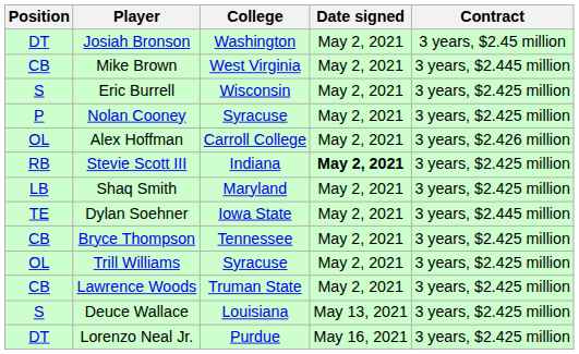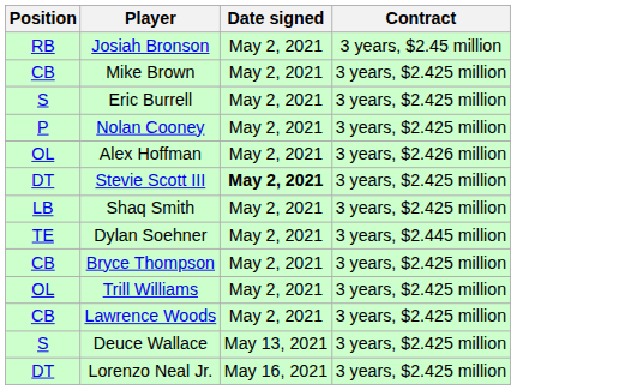 <table class="wikitable" style="text-align:center">
 <tr>
 <th>Position</th>
 <th>Player</th>
-<th>College</th>
 <th>Date signed</th>
 <th>Contract</th>
 </tr>
 <tr style="background:#cfc">
-<td><a href='#'>DT</a></td>
+<td><a href='#'>RB</a></td>
 <td><a href='#'>Josiah Bronson</a></td>
-<td><a href='#'>Washington</a></td>
 <td>May 2, 2021</td>
 <td>3 years, $2.45 million</td>
 </tr>
 <tr style="background:#cfc">
 <td><a href='#'>CB</a></td>
 <td>Mike Brown</td>
-<td><a href='#'>West Virginia</a></td>
 <td>May 2, 2021</td>
-<td>3 years, $2.445 million</td>
+<td>3 years, $2.425 million</td>
 </tr>
 <tr style="background:#cfc">
 <td><a href='#'>S</a></td>
 <td>Eric Burrell</td>
-<td><a href='#'>Wisconsin</a></td>
 <td>May 2, 2021</td>
 <td>3 years, $2.425 million</td>
 </tr>
 <tr style="background:#cfc">
 <td><a href='#'>P</a></td>
 <td><a href='#'>Nolan Cooney</a></td>
-<td><a href='#'>Syracuse</a></td>
 <td>May 2, 2021</td>
 <td>3 years, $2.425 million</td>
 </tr>
 <tr style="background:#cfc">
 <td><a href='#'>OL</a></td>
 <td>Alex Hoffman</td>
-<td><a href='#'>Carroll College</a></td>
 <td>May 2, 2021</td>
 <td>3 years, $2.426 million</td>
 </tr>
 <tr style="background:#cfc">
-<td><a href='#'>RB</a></td>
+<td><a href='#'>DT</a></td>
 <td><a href='#'>Stevie Scott III</a></td>
-<td><a href='#'>Indiana</a></td>
 <td><strong>May 2, 2021</strong></td>
 <td>3 years, $2.425 million</td>
 </tr>
 <tr style="background:#cfc">
 <td><a href='#'>LB</a></td>
 <td>Shaq Smith</td>
-<td><a href='#'>Maryland</a></td>
 <td>May 2, 2021</td>
 <td>3 years, $2.425 million</td>
 </tr>
 <tr style="background:#cfc">
 <td><a href='#'>TE</a></td>
 <td>Dylan Soehner</td>
-<td><a href='#'>Iowa State</a></td>
 <td>May 2, 2021</td>
 <td>3 years, $2.445 million</td>
 </tr>
 <tr style="background:#cfc">
 <td><a href='#'>CB</a></td>
 <td><a href='#'>Bryce Thompson</a></td>
-<td><a href='#'>Tennessee</a></td>
 <td>May 2, 2021</td>
 <td>3 years, $2.425 million</td>
 </tr>
 <tr style="background:#cfc">
 <td><a href='#'>OL</a></td>
 <td><a href='#'>Trill Williams</a></td>
-<td><a href='#'>Syracuse</a></td>
 <td>May 2, 2021</td>
 <td>3 years, $2.425 million</td>
 </tr>
 <tr style="background:#cfc">
 <td><a href='#'>CB</a></td>
 <td><a href='#'>Lawrence Woods</a></td>
-<td><a href='#'>Truman State</a></td>
 <td>May 2, 2021</td>
 <td>3 years, $2.425 million</td>
 </tr>
 <tr style="background:#cfc">
 <td><a href='#'>S</a></td>
 <td>Deuce Wallace</td>
-<td><a href='#'>Louisiana</a></td>
 <td>May 13, 2021</td>
 <td>3 years, $2.425 million</td>
 </tr>
 <tr style="background:#cfc">
 <td><a href='#'>DT</a></td>
 <td>Lorenzo Neal Jr.</td>
-<td><a href='#'>Purdue</a></td>
 <td>May 16, 2021</td>
 <td>3 years, $2.425 million</td>
 </tr>
 </table>
